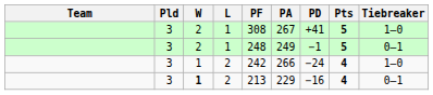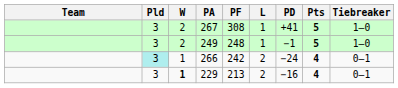 <table class=wikitable style="text-align:center">
 <tr>
 <th width=180>Team</th>
 <th width=30>Pld</th>
 <th width=30>W</th>
+<th width=30>PA</th>
+<th width=30>PF</th>
 <th width=30>L</th>
-<th width=30>PF</th>
-<th width=30>PA</th>
 <th width=30>PD</th>
 <th width=30>Pts</th>
 <th width=80>Tiebreaker</th>
 </tr>
 <tr align=center bgcolor="#ccffcc">
 <td align=left></td>
 <td>3</td>
 <td>2</td>
+<td>267</td>
+<td>308</td>
 <td>1</td>
-<td>308</td>
-<td>267</td>
 <td>+41</td>
 <td><strong>5</strong></td>
 <td>1–0</td>
 </tr>
 <tr align=center bgcolor="#ccffcc">
 <td align=left></td>
 <td>3</td>
 <td>2</td>
+<td>249</td>
+<td>248</td>
 <td>1</td>
-<td>248</td>
-<td>249</td>
 <td>−1</td>
 <td><strong>5</strong></td>
+<td>1–0</td>
+</tr>
+<tr align=center>
+<td align=left></td>
+<td style="background: paleturquoise;">3</td>
+<td>1</td>
+<td>266</td>
+<td>242</td>
+<td>2</td>
+<td>−24</td>
+<td><strong>4</strong></td>
 <td>0–1</td>
 </tr>
 <tr align=center>
 <td align=left></td>
 <td>3</td>
-<td>1</td>
+<td><strong>1</strong></td>
+<td>229</td>
+<td>213</td>
 <td>2</td>
-<td>242</td>
-<td>266</td>
-<td>−24</td>
-<td><strong>4</strong></td>
-<td>1–0</td>
-</tr>
-<tr align=center>
-<td align=left></td>
-<td>3</td>
-<td><strong>1</strong></td>
-<td>2</td>
-<td>213</td>
-<td>229</td>
 <td>−16</td>
 <td><strong>4</strong></td>
 <td>0–1</td>
 </tr>
 </table>
